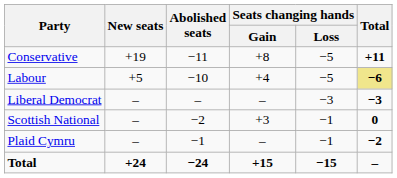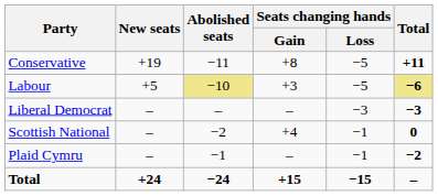 <table class="wikitable">
 <tr>
 <th rowspan="2">Party</th>
 <th rowspan="2">New seats</th>
 <th rowspan="2">Abolished<br>seats</th>
 <th colspan="2">Seats changing hands</th>
 <th rowspan="2">Total</th>
 </tr>
 <tr>
 <th>Gain</th>
 <th>Loss</th>
 </tr>
 <tr>
 <td><a href='#'>Conservative</a></td>
 <td style="text-align:center">+19</td>
 <td style="text-align:center">−11</td>
 <td style="text-align:center">+8</td>
 <td style="text-align:center">−5</td>
 <td style="text-align:center"><strong>+11</strong></td>
 </tr>
 <tr>
 <td><a href='#'>Labour</a></td>
 <td style="text-align:center">+5</td>
-<td style="text-align:center">−10</td>
-<td style="text-align:center">+4</td>
+<td style="background: khaki; text-align:center">−10</td>
+<td style="text-align:center">+3</td>
 <td style="text-align:center">−5</td>
 <td style="background: khaki; text-align:center"><strong>−6</strong></td>
 </tr>
 <tr>
 <td><a href='#'>Liberal Democrat</a></td>
 <td style="text-align:center">–</td>
 <td style="text-align:center">–</td>
 <td style="text-align:center">–</td>
 <td style="text-align:center">−3</td>
 <td style="text-align:center"><strong>−3</strong></td>
 </tr>
 <tr>
 <td><a href='#'>Scottish National</a></td>
 <td style="text-align:center">–</td>
 <td style="text-align:center">−2</td>
-<td style="text-align:center">+3</td>
+<td style="text-align:center">+4</td>
 <td style="text-align:center">−1</td>
 <td style="text-align:center"><strong>0</strong></td>
 </tr>
 <tr>
 <td><a href='#'>Plaid Cymru</a></td>
 <td style="text-align:center">–</td>
 <td style="text-align:center">−1</td>
 <td style="text-align:center">–</td>
 <td style="text-align:center">−1</td>
 <td style="text-align:center"><strong>−2</strong></td>
 </tr>
 <tr>
 <td><strong>Total</strong></td>
 <td style="text-align:center"><strong>+24</strong></td>
 <td style="text-align:center"><strong>−24</strong></td>
 <td style="text-align:center"><strong>+15</strong></td>
 <td style="text-align:center"><strong>−15</strong></td>
 <td style="text-align:center"><strong>–</strong></td>
 </tr>
 </table>
